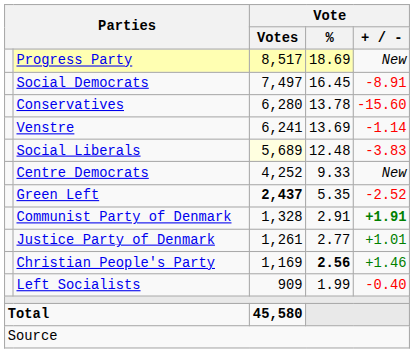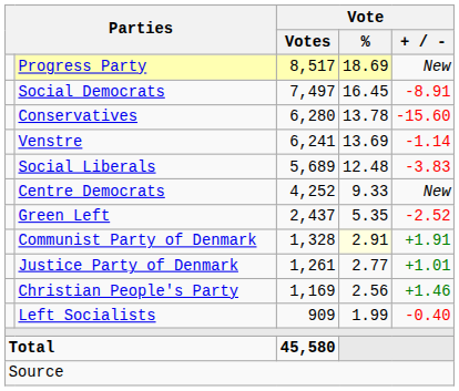 <table class="wikitable" style="text-align:right;">
 <tr>
 <th style="text-align:centre;" rowspan="2" colspan="2" width="225">Parties</th>
 <th colspan="3">Vote</th>
 </tr>
 <tr>
 <th width="15">Votes</th>
 <th width="15">%</th>
 <th width="15">+ / -</th>
 </tr>
 <tr>
 <td width="2" style="color:inherit;background:"></td>
 <td bgcolor=#ffffb2  align="left"><a href='#'>Progress Party</a></td>
 <td bgcolor=#ffffb2>8,517</td>
 <td bgcolor=#ffffb2>18.69</td>
 <td><em>New</em></td>
 </tr>
 <tr>
 <td width="2" style="color:inherit;background:"></td>
 <td align="left"><a href='#'>Social Democrats</a></td>
 <td>7,497</td>
 <td>16.45</td>
 <td style=color:red;>-8.91</td>
 </tr>
 <tr>
 <td width="2" style="color:inherit;background:"></td>
 <td align="left"><a href='#'>Conservatives</a></td>
 <td>6,280</td>
 <td>13.78</td>
 <td style=color:red;>-15.60</td>
 </tr>
 <tr>
 <td width="2" style="color:inherit;background:"></td>
 <td align="left"><a href='#'>Venstre</a></td>
 <td>6,241</td>
 <td>13.69</td>
 <td style=color:red;>-1.14</td>
 </tr>
 <tr>
 <td width="2" style="color:inherit;background:"></td>
 <td align="left"><a href='#'>Social Liberals</a></td>
-<td style="background: lightyellow;">5,689</td>
+<td>5,689</td>
 <td>12.48</td>
 <td style=color:red;>-3.83</td>
 </tr>
 <tr>
 <td width="2" style="color:inherit;background:"></td>
 <td align="left"><a href='#'>Centre Democrats</a></td>
 <td>4,252</td>
 <td>9.33</td>
 <td><em>New</em></td>
 </tr>
 <tr>
 <td width="2" style="color:inherit;background:"></td>
 <td align="left"><a href='#'>Green Left</a></td>
-<td><strong>2,437</strong></td>
+<td>2,437</td>
 <td>5.35</td>
 <td style=color:red;>-2.52</td>
 </tr>
 <tr>
 <td width="2" style="color:inherit;background:"></td>
 <td align="left"><a href='#'>Communist Party of Denmark</a></td>
 <td>1,328</td>
-<td>2.91</td>
-<td style=color:green;><strong>+1.91</strong></td>
+<td style="background: lightyellow;">2.91</td>
+<td style=color:green;>+1.91</td>
 </tr>
 <tr>
 <td width="2" style="color:inherit;background:"></td>
 <td align="left"><a href='#'>Justice Party of Denmark</a></td>
 <td>1,261</td>
 <td>2.77</td>
 <td style=color:green;>+1.01</td>
 </tr>
 <tr>
 <td width="2" style="color:inherit;background:"></td>
 <td align="left"><a href='#'>Christian People's Party</a></td>
 <td>1,169</td>
-<td><strong>2.56</strong></td>
+<td>2.56</td>
 <td style=color:green;>+1.46</td>
 </tr>
 <tr>
 <td width="2" style="color:inherit;background:"></td>
 <td align="left"><a href='#'>Left Socialists</a></td>
 <td>909</td>
 <td>1.99</td>
 <td style=color:red;>-0.40</td>
 </tr>
 <tr>
 <td colspan="7" bgcolor="#E9E9E9"></td>
 </tr>
 <tr>
 <td align="left" colspan="2"><strong>Total</strong></td>
 <td><strong>45,580</strong></td>
 <td bgcolor="#E9E9E9" colspan="2"></td>
 </tr>
 <tr>
 <td align="left" colspan="6">Source</td>
 </tr>
 </table>
